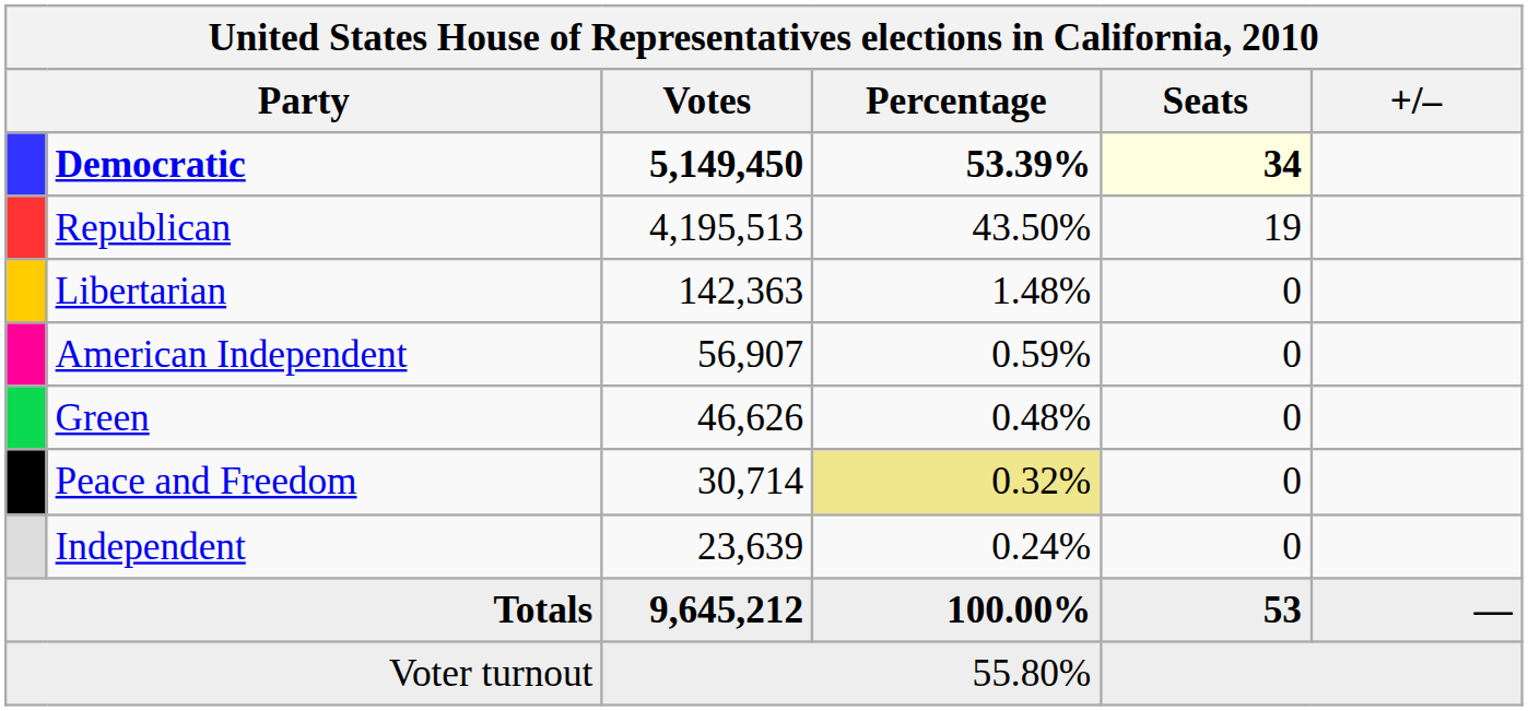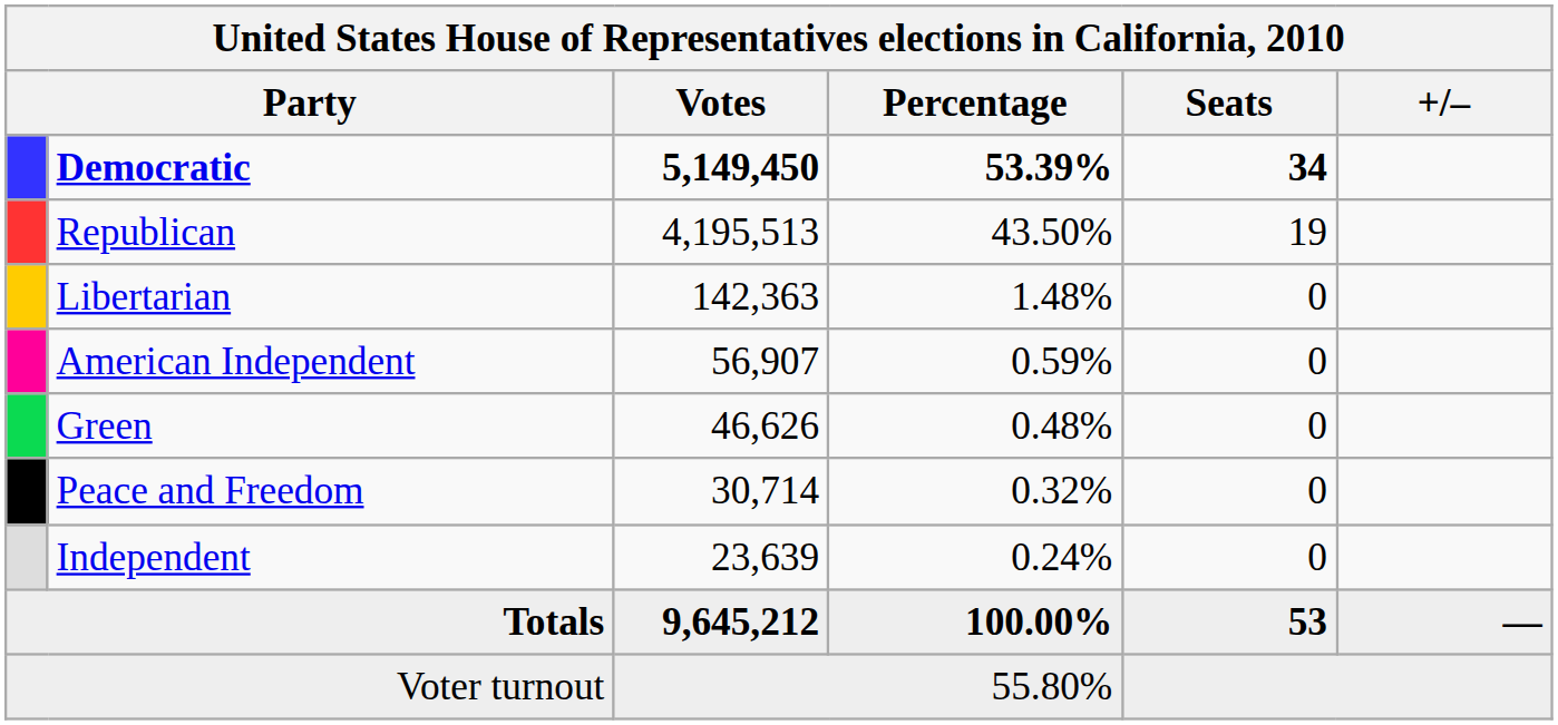 <table class="wikitable" style="font-size: 95%;">
 <tr>
 <th colspan="6">United States House of Representatives elections in California, 2010</th>
 </tr>
 <tr>
 <th colspan=2 style="width: 15em">Party</th>
 <th style="width: 5em">Votes</th>
 <th style="width: 7em">Percentage</th>
 <th style="width: 5em">Seats</th>
 <th style="width: 5em">+/–</th>
 </tr>
 <tr>
 <th style="background-color:#3333FF; width: 3px"></th>
 <td style="width: 130px"><strong><a href='#'>Democratic</a></strong></td>
 <td align="right"><strong>5,149,450</strong></td>
 <td align="right"><strong>53.39%</strong></td>
-<td align="right" style="background: lightyellow;"><strong>34</strong></td>
+<td align="right"><strong>34</strong></td>
 <td align="right"></td>
 </tr>
 <tr>
 <th style="background-color:#FF3333; width: 3px"></th>
 <td style="width: 130px"><a href='#'>Republican</a></td>
 <td align="right">4,195,513</td>
 <td align="right">43.50%</td>
 <td align="right">19</td>
 <td align="right"></td>
 </tr>
 <tr>
 <th style="background-color:#FFCC00; width: 3px"></th>
 <td style="width: 130px"><a href='#'>Libertarian</a></td>
 <td align="right">142,363</td>
 <td align="right">1.48%</td>
 <td align="right">0</td>
 <td align="right"></td>
 </tr>
 <tr>
 <th style="background-color:#FF0099; width: 3px"></th>
 <td style="width: 130px"><a href='#'>American Independent</a></td>
 <td align="right">56,907</td>
 <td align="right">0.59%</td>
 <td align="right">0</td>
 <td align="right"></td>
 </tr>
 <tr>
 <th style="background-color:#0BDA51; width: 3px"></th>
 <td style="width: 130px"><a href='#'>Green</a></td>
 <td align="right">46,626</td>
 <td align="right">0.48%</td>
 <td align="right">0</td>
 <td align="right"></td>
 </tr>
 <tr>
 <th style="background-color:#000000; width: 3px"></th>
 <td style="width: 130px"><a href='#'>Peace and Freedom</a></td>
 <td align="right">30,714</td>
-<td align="right" style="background: khaki;">0.32%</td>
+<td align="right">0.32%</td>
 <td align="right">0</td>
 <td align="right"></td>
 </tr>
 <tr>
 <th style="background-color:#DDDDDD; width: 3px"></th>
 <td style="width: 130px"><a href='#'>Independent</a></td>
 <td align="right">23,639</td>
 <td align="right">0.24%</td>
 <td align="right">0</td>
 <td align="right"></td>
 </tr>
 <tr bgcolor="#EEEEEE">
 <td colspan="2" align="right"><strong>Totals</strong></td>
 <td align="right"><strong>9,645,212</strong></td>
 <td align="right"><strong>100.00%</strong></td>
 <td align="right"><strong>53</strong></td>
 <td align="right"><strong>—</strong></td>
 </tr>
 <tr bgcolor="#EEEEEE">
 <td colspan="2" align="right">Voter turnout</td>
 <td colspan="2" align="right">55.80%</td>
 <td colspan="2" align="right"></td>
 </tr>
 </table>
